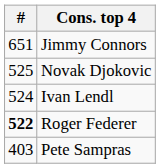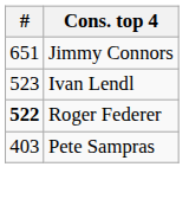 <table class="wikitable" style="display:inline-table;">
 <tr>
 <th>#</th>
 <th>Cons. top 4</th>
 </tr>
 <tr>
 <td>651</td>
 <td> Jimmy Connors</td>
 </tr>
 <tr>
-<td>525</td>
-<td> Novak Djokovic</td>
-</tr>
-<tr>
-<td>524</td>
+<td>523</td>
 <td> Ivan Lendl</td>
 </tr>
 <tr>
 <td><strong>522</strong></td>
 <td> Roger Federer</td>
 </tr>
 <tr>
 <td>403</td>
 <td> Pete Sampras</td>
 </tr>
 </table>
